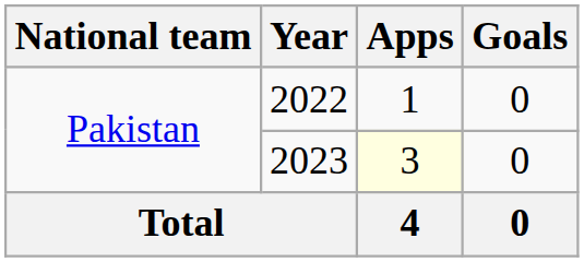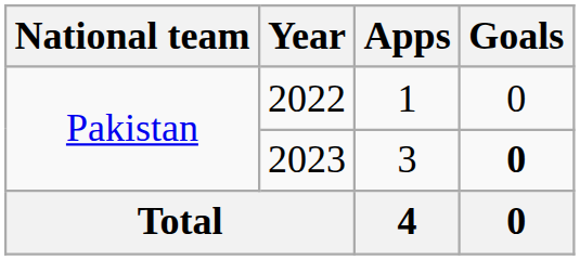 <table class="wikitable" style="text-align:center">
 <tr>
 <th>National team</th>
 <th>Year</th>
 <th>Apps</th>
 <th>Goals</th>
 </tr>
 <tr>
 <td rowspan="2"><a href='#'>Pakistan</a></td>
 <td>2022</td>
 <td>1</td>
 <td>0</td>
 </tr>
 <tr>
 <td>2023</td>
-<td style="background: lightyellow;">3</td>
-<td>0</td>
+<td>3</td>
+<td><strong>0</strong></td>
 </tr>
 <tr>
 <th colspan="2">Total</th>
 <th>4</th>
 <th>0</th>
 </tr>
 </table>
